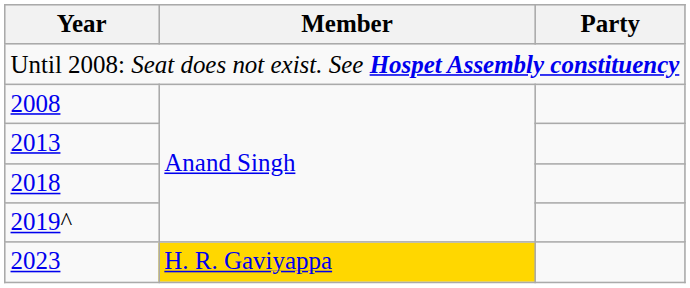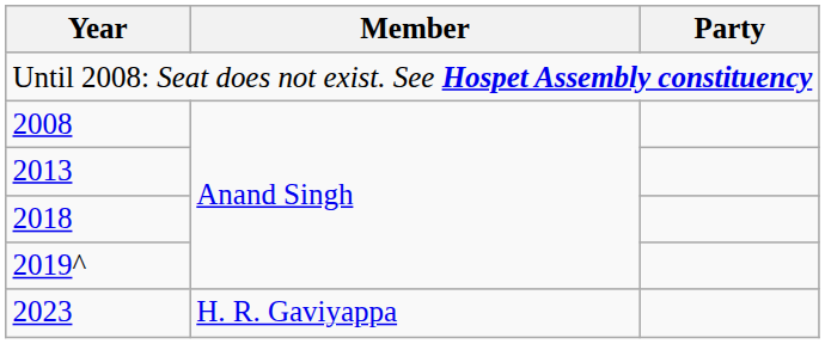 <table class="wikitable sortable">
 <tr>
 <th>Year</th>
 <th>Member</th>
 <th colspan="2">Party</th>
 </tr>
 <tr>
 <td colspan=4 align=center>Until 2008: <em>Seat does not exist. See <strong><a href='#'>Hospet Assembly constituency</a><strong><em></td>
 </tr>
 <tr>
 <td><a href='#'>2008</a></td>
 <td rowspan=4><a href='#'>Anand Singh</a></td>
 <td></td>
 </tr>
 <tr>
 <td><a href='#'>2013</a></td>
 </tr>
 <tr>
 <td><a href='#'>2018</a></td>
 <td></td>
 </tr>
 <tr>
 <td><a href='#'>2019</a>^</td>
 <td></td>
 </tr>
 <tr>
 <td><a href='#'>2023</a></td>
-<td style="background: gold;"><a href='#'>H. R. Gaviyappa</a></td>
+<td><a href='#'>H. R. Gaviyappa</a></td>
 <td></td>
 </tr>
 </table>
